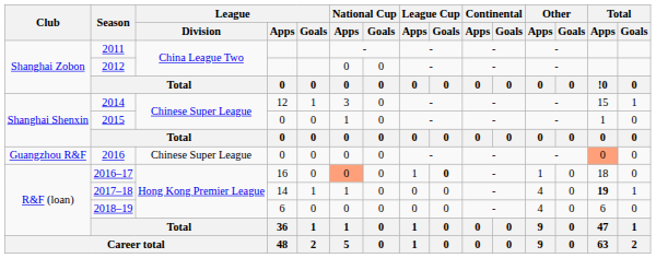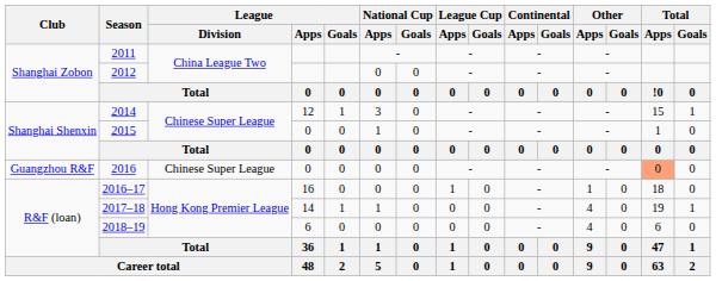 <table class="wikitable" style="text-align: center">
 <tr>
 <th rowspan="2">Club</th>
 <th rowspan="2">Season</th>
 <th colspan="3">League</th>
 <th colspan="2">National Cup</th>
 <th colspan="2">League Cup</th>
 <th colspan="2">Continental</th>
 <th colspan="2">Other</th>
 <th colspan="2">Total</th>
 </tr>
 <tr>
 <th>Division</th>
 <th>Apps</th>
 <th>Goals</th>
 <th>Apps</th>
 <th>Goals</th>
 <th>Apps</th>
 <th>Goals</th>
 <th>Apps</th>
 <th>Goals</th>
 <th>Apps</th>
 <th>Goals</th>
 <th>Apps</th>
 <th>Goals</th>
 </tr>
 <tr>
 <td rowspan="3"><a href='#'>Shanghai Zobon</a></td>
 <td><a href='#'>2011</a></td>
 <td rowspan="2"><a href='#'>China League Two</a></td>
 <td></td>
 <td></td>
 <td colspan="2">-</td>
 <td colspan="2">-</td>
 <td colspan="2">-</td>
 <td colspan="2">-</td>
 <td></td>
 <td></td>
 </tr>
 <tr>
 <td><a href='#'>2012</a></td>
 <td></td>
 <td></td>
 <td>0</td>
 <td>0</td>
 <td colspan="2">-</td>
 <td colspan="2">-</td>
 <td colspan="2">-</td>
 <td></td>
 <td></td>
 </tr>
 <tr>
 <th colspan="2"><strong>Total</strong></th>
 <th>0</th>
 <th>0</th>
 <th>0</th>
 <th>0</th>
 <th>0</th>
 <th>0</th>
 <th>0</th>
 <th>0</th>
 <th>0</th>
 <th>0</th>
 <th>!0</th>
 <th>0</th>
 </tr>
 <tr>
 <td rowspan="3"><a href='#'>Shanghai Shenxin</a></td>
 <td><a href='#'>2014</a></td>
 <td rowspan="2"><a href='#'>Chinese Super League</a></td>
 <td>12</td>
 <td>1</td>
 <td>3</td>
 <td>0</td>
 <td colspan="2">-</td>
 <td colspan="2">-</td>
 <td colspan="2">-</td>
 <td>15</td>
 <td>1</td>
 </tr>
 <tr>
 <td><a href='#'>2015</a></td>
 <td>0</td>
 <td>0</td>
 <td>1</td>
 <td>0</td>
 <td colspan="2">-</td>
 <td colspan="2">-</td>
 <td colspan="2">-</td>
 <td>1</td>
 <td>0</td>
 </tr>
 <tr>
 <th colspan="2"><strong>Total</strong></th>
 <th>0</th>
 <th>0</th>
 <th>0</th>
 <th>0</th>
 <th>0</th>
 <th>0</th>
 <th>0</th>
 <th>0</th>
 <th>0</th>
 <th>0</th>
 <th>0</th>
 <th>0</th>
 </tr>
 <tr>
 <td><a href='#'>Guangzhou R&F</a></td>
 <td><a href='#'>2016</a></td>
 <td>Chinese Super League</td>
 <td>0</td>
 <td>0</td>
 <td>0</td>
 <td>0</td>
 <td colspan="2">-</td>
 <td colspan="2">-</td>
 <td colspan="2">-</td>
 <td style="background: lightsalmon;">0</td>
 <td>0</td>
 </tr>
 <tr>
 <td rowspan="4"><a href='#'>R&F</a> (loan)</td>
 <td><a href='#'>2016–17</a></td>
 <td rowspan="3"><a href='#'>Hong Kong Premier League</a></td>
 <td>16</td>
 <td>0</td>
-<td style="background: lightsalmon;">0</td>
+<td>0</td>
 <td>0</td>
 <td>1</td>
-<td><strong>0</strong></td>
+<td>0</td>
 <td colspan="2">-</td>
 <td>1</td>
 <td>0</td>
 <td>18</td>
 <td>0</td>
 </tr>
 <tr>
 <td><a href='#'>2017–18</a></td>
 <td>14</td>
 <td>1</td>
 <td>1</td>
 <td>0</td>
 <td>0</td>
 <td>0</td>
 <td colspan="2">-</td>
 <td>4</td>
 <td>0</td>
-<td><strong>19</strong></td>
+<td>19</td>
 <td>1</td>
 </tr>
 <tr>
 <td><a href='#'>2018–19</a></td>
 <td>6</td>
 <td>0</td>
 <td>0</td>
 <td>0</td>
 <td>0</td>
 <td>0</td>
 <td colspan="2">-</td>
 <td>4</td>
 <td>0</td>
 <td>6</td>
 <td>0</td>
 </tr>
 <tr>
 <th colspan="2"><strong>Total</strong></th>
 <th>36</th>
 <th>1</th>
 <th>1</th>
 <th>0</th>
 <th>1</th>
 <th>0</th>
 <th>0</th>
 <th>0</th>
 <th>9</th>
 <th>0</th>
 <th>47</th>
 <th>1</th>
 </tr>
 <tr>
 <th colspan=3>Career total</th>
 <th>48</th>
 <th>2</th>
 <th>5</th>
 <th>0</th>
 <th>1</th>
 <th>0</th>
 <th>0</th>
 <th>0</th>
 <th>9</th>
 <th>0</th>
 <th>63</th>
 <th>2</th>
 </tr>
 </table>
